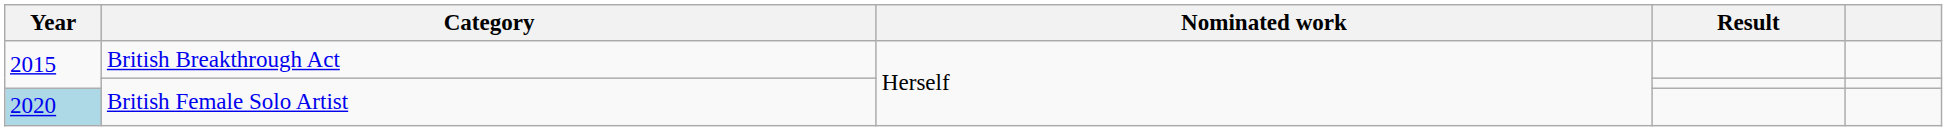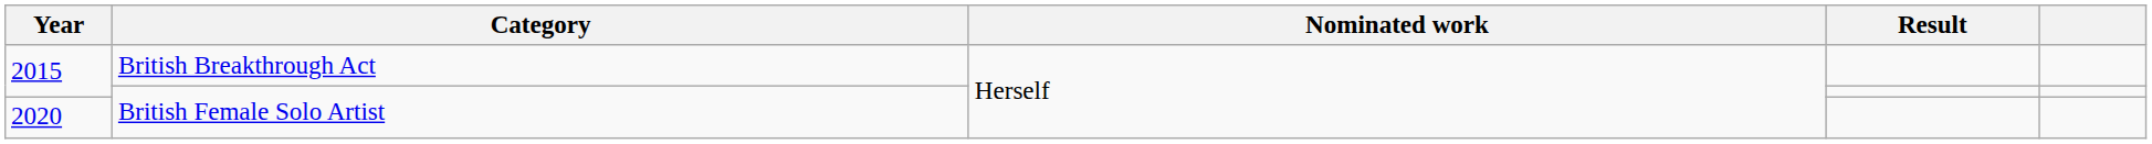 <table class="wikitable" style="width:85%;">
 <tr>
 <th width=5%>Year</th>
 <th style="width:40%;">Category</th>
 <th style="width:40%;">Nominated work</th>
 <th style="width:10%;">Result</th>
 <th width=5%></th>
 </tr>
 <tr>
 <td rowspan="2"><a href='#'>2015</a></td>
 <td><a href='#'>British Breakthrough Act</a></td>
 <td rowspan="3">Herself</td>
 <td></td>
 <td></td>
 </tr>
 <tr>
 <td rowspan=2><a href='#'>British Female Solo Artist</a></td>
 <td></td>
 <td></td>
 </tr>
 <tr>
-<td style="background: lightblue;"><a href='#'>2020</a></td>
+<td><a href='#'>2020</a></td>
 <td></td>
 <td></td>
 </tr>
 </table>
